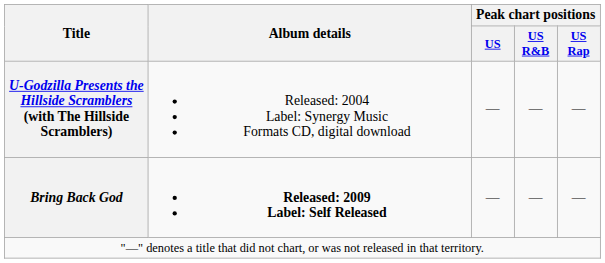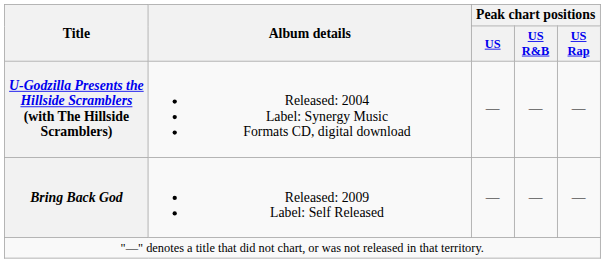 <table class="wikitable plainrowheaders" style="text-align:center;">
 <tr>
 <th scope="col" rowspan="2" style="width:10em;">Title</th>
 <th scope="col" rowspan="2" style="width:23em;">Album details</th>
 <th scope="col" colspan="5">Peak chart positions</th>
 </tr>
 <tr>
 <th scope="col" style="width:3em;font-size:90%;"><a href='#'>US</a><br></th>
 <th scope="col" style="width:3em;font-size:90%;"><a href='#'>US<br>R&B</a><br></th>
 <th scope="col" style="width:3em;font-size:90%;"><a href='#'>US<br>Rap</a><br></th>
 </tr>
 <tr>
 <th scope="row"><em><a href='#'>U-Godzilla Presents the Hillside Scramblers</a></em><br><span>(with The Hillside Scramblers)</span></th>
 <td><br><ul><li>Released: 2004</li><li>Label: Synergy Music</li><li>Formats CD, digital download</li></ul></td>
 <td>—</td>
 <td>—</td>
 <td>—</td>
 </tr>
 <tr>
 <th scope="row"><em>Bring Back God</em></th>
-<td><strong><br><ul><li>Released: 2009</li><li>Label: Self Released</li></ul></strong></td>
+<td><br><ul><li>Released: 2009</li><li>Label: Self Released</li></ul></td>
 <td>—</td>
 <td>—</td>
 <td>—</td>
 </tr>
 <tr>
 <td colspan="14" style="font-size:90%">"—" denotes a title that did not chart, or was not released in that territory.</td>
 </tr>
 </table>
